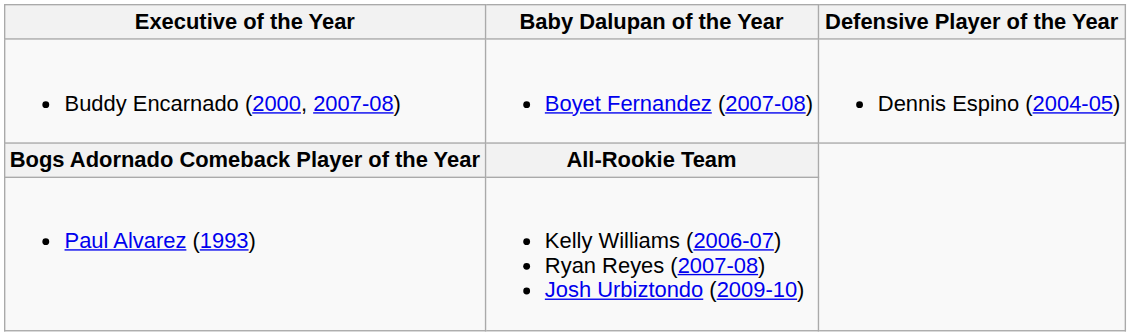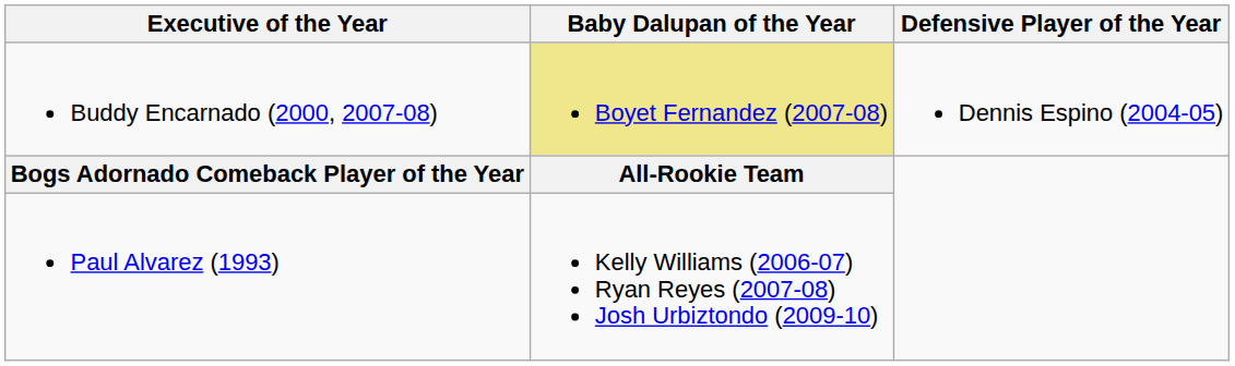 <table class=wikitable>
 <tr>
 <th>Executive of the Year</th>
 <th>Baby Dalupan of the Year</th>
 <th>Defensive Player of the Year</th>
 </tr>
 <tr>
 <td valign="top"><br><ul><li>Buddy Encarnado (<a href='#'>2000</a>, <a href='#'>2007-08</a>)</li></ul></td>
-<td valign="top"><br><ul><li><a href='#'>Boyet Fernandez</a> (<a href='#'>2007-08</a>)</li></ul></td>
+<td valign="top" style="background: khaki;"><br><ul><li><a href='#'>Boyet Fernandez</a> (<a href='#'>2007-08</a>)</li></ul></td>
 <td valign="top"><br><ul><li>Dennis Espino (<a href='#'>2004-05</a>)</li></ul></td>
 </tr>
 <tr>
 <th>Bogs Adornado Comeback Player of the Year</th>
 <th>All-Rookie Team</th>
 </tr>
 <tr>
 <td valign="top"><br><ul><li><a href='#'>Paul Alvarez</a> (<a href='#'>1993</a>)</li></ul></td>
 <td valign="top"><br><ul><li>Kelly Williams (<a href='#'>2006-07</a>)</li><li>Ryan Reyes (<a href='#'>2007-08</a>)</li><li><a href='#'>Josh Urbiztondo</a> (<a href='#'>2009-10</a>)</li></ul></td>
 </tr>
 </table>
